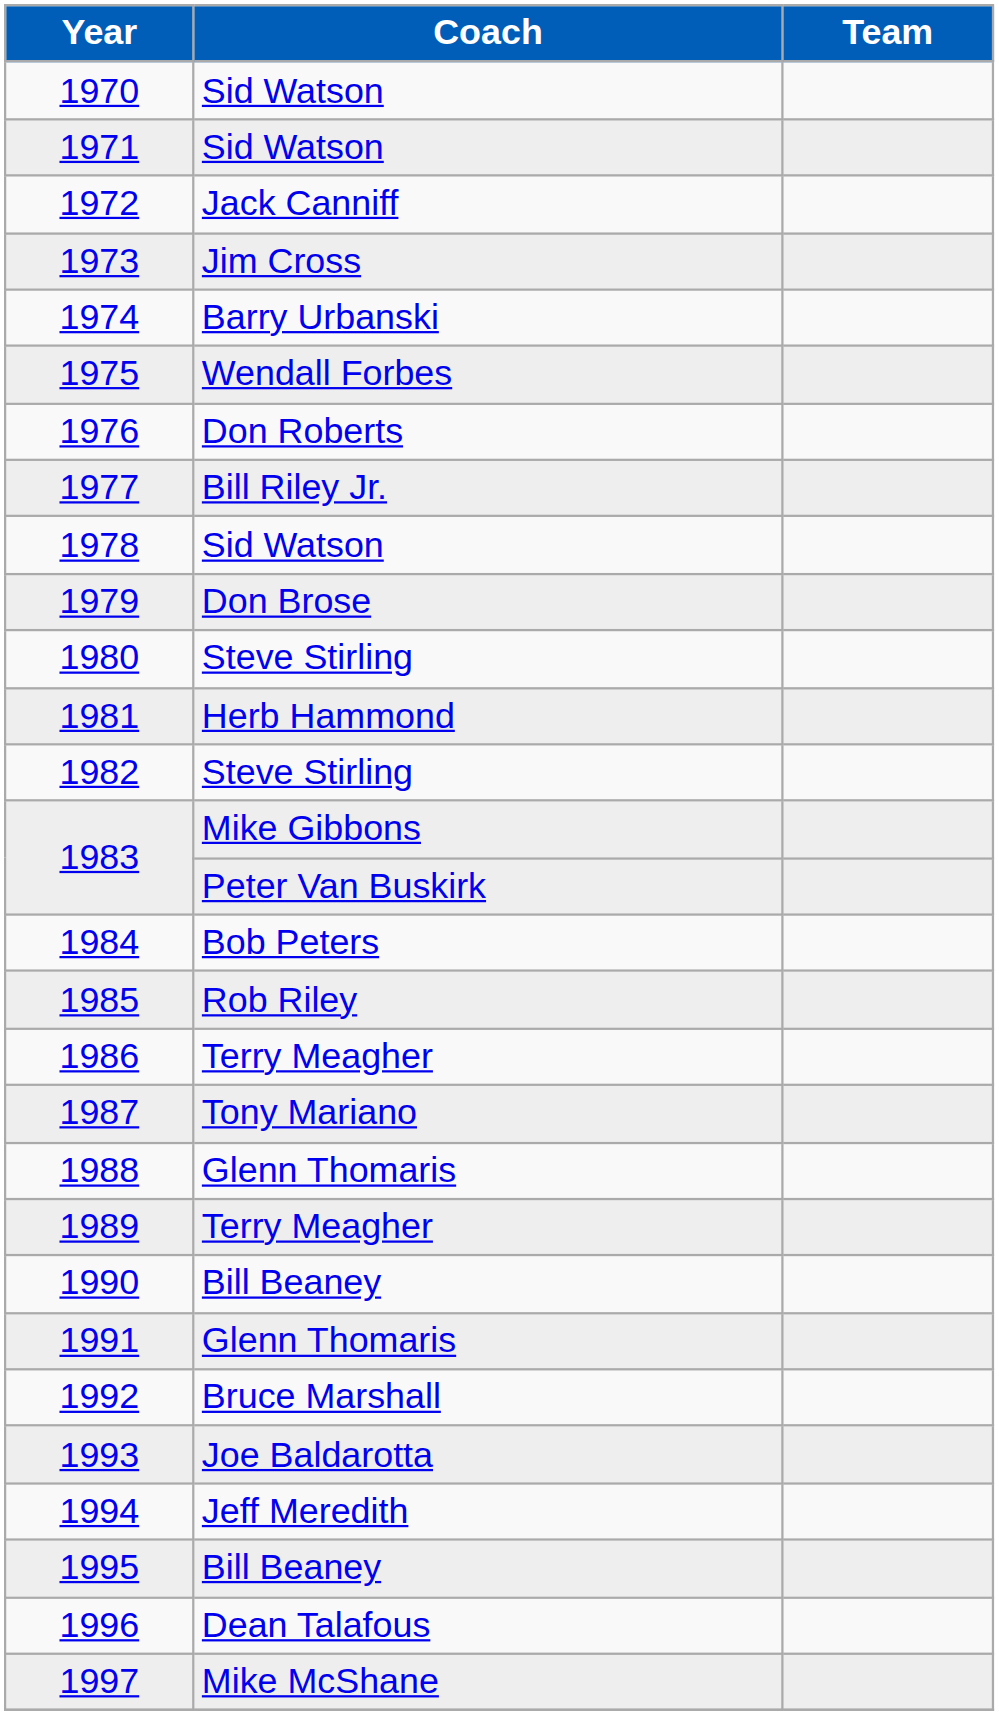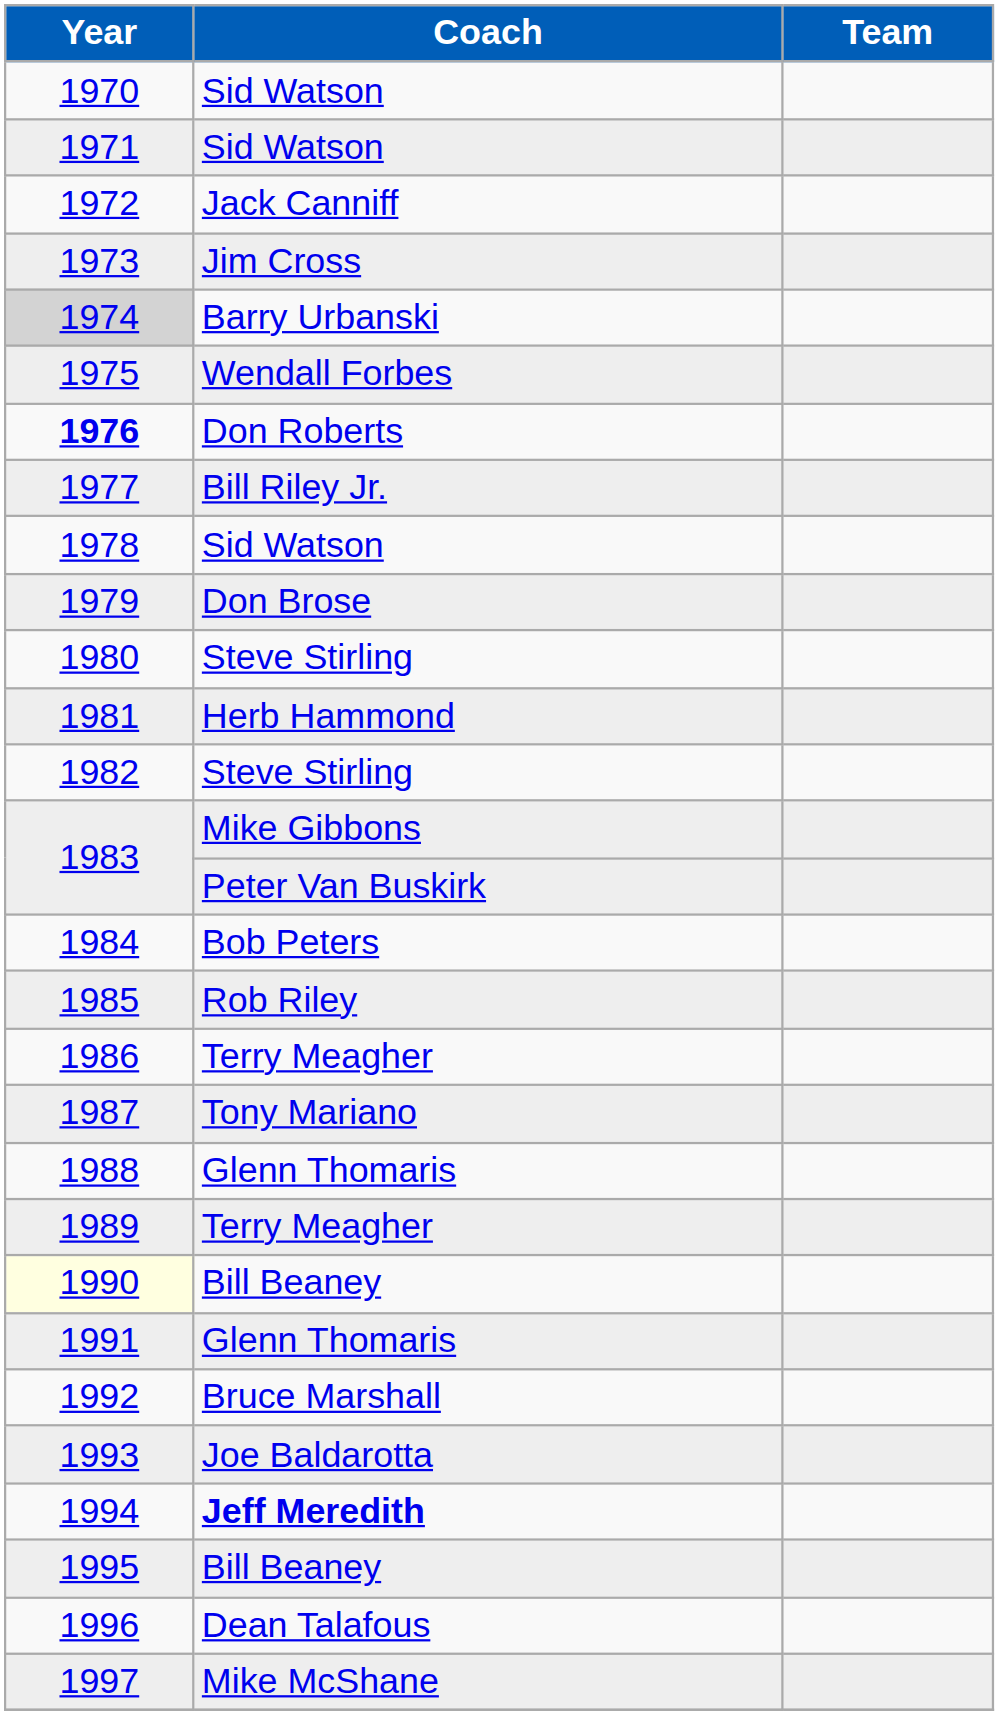 <table class="wikitable sortable" width=50%>
 <tr>
 <th style="color:white; background:#005EB8;">Year</th>
 <th style="color:white; background:#005EB8;">Coach</th>
 <th style="color:white; background:#005EB8;">Team</th>
 </tr>
 <tr>
 <td align="center"><a href='#'>1970</a></td>
 <td><a href='#'>Sid Watson</a></td>
 <td><strong><a href='#'></a></strong></td>
 </tr>
 <tr bgcolor=eeeeee>
 <td align="center"><a href='#'>1971</a></td>
 <td><a href='#'>Sid Watson</a></td>
 <td><strong><a href='#'></a></strong></td>
 </tr>
 <tr>
 <td align="center"><a href='#'>1972</a></td>
 <td><a href='#'>Jack Canniff</a></td>
 <td><strong><a href='#'></a></strong></td>
 </tr>
 <tr bgcolor=eeeeee>
 <td align="center"><a href='#'>1973</a></td>
 <td><a href='#'>Jim Cross</a></td>
 <td><strong><a href='#'></a></strong></td>
 </tr>
 <tr>
-<td align="center"><a href='#'>1974</a></td>
+<td align="center" style="background: lightgrey;"><a href='#'>1974</a></td>
 <td><a href='#'>Barry Urbanski</a></td>
 <td><strong><a href='#'></a></strong></td>
 </tr>
 <tr bgcolor=eeeeee>
 <td align="center"><a href='#'>1975</a></td>
 <td><a href='#'>Wendall Forbes</a></td>
 <td><strong><a href='#'></a></strong></td>
 </tr>
 <tr>
-<td align="center"><a href='#'>1976</a></td>
+<td align="center"><strong><a href='#'>1976</a></strong></td>
 <td><a href='#'>Don Roberts</a></td>
 <td><strong><a href='#'></a></strong></td>
 </tr>
 <tr bgcolor=eeeeee>
 <td align="center"><a href='#'>1977</a></td>
 <td><a href='#'>Bill Riley Jr.</a></td>
 <td><strong><a href='#'></a></strong></td>
 </tr>
 <tr>
 <td align="center"><a href='#'>1978</a></td>
 <td><a href='#'>Sid Watson</a></td>
 <td><strong><a href='#'></a></strong></td>
 </tr>
 <tr bgcolor=eeeeee>
 <td align="center"><a href='#'>1979</a></td>
 <td><a href='#'>Don Brose</a></td>
 <td><strong><a href='#'></a></strong></td>
 </tr>
 <tr>
 <td align="center"><a href='#'>1980</a></td>
 <td><a href='#'>Steve Stirling</a></td>
 <td><strong><a href='#'></a></strong></td>
 </tr>
 <tr bgcolor=eeeeee>
 <td align="center"><a href='#'>1981</a></td>
 <td><a href='#'>Herb Hammond</a></td>
 <td><strong><a href='#'></a></strong></td>
 </tr>
 <tr>
 <td align="center"><a href='#'>1982</a></td>
 <td><a href='#'>Steve Stirling</a></td>
 <td><strong><a href='#'></a></strong></td>
 </tr>
 <tr bgcolor=eeeeee>
 <td align="center" rowspan = 2><a href='#'>1983</a></td>
 <td><a href='#'>Mike Gibbons</a></td>
 <td><strong><a href='#'></a></strong></td>
 </tr>
 <tr bgcolor=eeeeee>
 <td><a href='#'>Peter Van Buskirk</a></td>
 <td><strong><a href='#'></a></strong></td>
 </tr>
 <tr>
 <td align="center"><a href='#'>1984</a></td>
 <td><a href='#'>Bob Peters</a></td>
 <td><strong><a href='#'></a></strong></td>
 </tr>
 <tr bgcolor=eeeeee>
 <td align="center"><a href='#'>1985</a></td>
 <td><a href='#'>Rob Riley</a></td>
 <td><strong><a href='#'></a></strong></td>
 </tr>
 <tr>
 <td align="center"><a href='#'>1986</a></td>
 <td><a href='#'>Terry Meagher</a></td>
 <td><strong><a href='#'></a></strong></td>
 </tr>
 <tr bgcolor=eeeeee>
 <td align="center"><a href='#'>1987</a></td>
 <td><a href='#'>Tony Mariano</a></td>
 <td><strong><a href='#'></a></strong></td>
 </tr>
 <tr>
 <td align="center"><a href='#'>1988</a></td>
 <td><a href='#'>Glenn Thomaris</a></td>
 <td><strong><a href='#'></a></strong></td>
 </tr>
 <tr bgcolor=eeeeee>
 <td align="center"><a href='#'>1989</a></td>
 <td><a href='#'>Terry Meagher</a></td>
 <td><strong><a href='#'></a></strong></td>
 </tr>
 <tr>
-<td align="center"><a href='#'>1990</a></td>
+<td align="center" style="background: lightyellow;"><a href='#'>1990</a></td>
 <td><a href='#'>Bill Beaney</a></td>
 <td><strong><a href='#'></a></strong></td>
 </tr>
 <tr bgcolor=eeeeee>
 <td align="center"><a href='#'>1991</a></td>
 <td><a href='#'>Glenn Thomaris</a></td>
 <td><strong><a href='#'></a></strong></td>
 </tr>
 <tr>
 <td align="center"><a href='#'>1992</a></td>
 <td><a href='#'>Bruce Marshall</a></td>
 <td><strong><a href='#'></a></strong></td>
 </tr>
 <tr bgcolor=eeeeee>
 <td align="center"><a href='#'>1993</a></td>
 <td><a href='#'>Joe Baldarotta</a></td>
 <td><strong><a href='#'></a></strong></td>
 </tr>
 <tr>
 <td align="center"><a href='#'>1994</a></td>
-<td><a href='#'>Jeff Meredith</a></td>
+<td><strong><a href='#'>Jeff Meredith</a></strong></td>
 <td><strong><a href='#'></a></strong></td>
 </tr>
 <tr bgcolor=eeeeee>
 <td align="center"><a href='#'>1995</a></td>
 <td><a href='#'>Bill Beaney</a></td>
 <td><strong><a href='#'></a></strong></td>
 </tr>
 <tr>
 <td align="center"><a href='#'>1996</a></td>
 <td><a href='#'>Dean Talafous</a></td>
 <td><strong><a href='#'></a></strong></td>
 </tr>
 <tr bgcolor=eeeeee>
 <td align="center"><a href='#'>1997</a></td>
 <td><a href='#'>Mike McShane</a></td>
 <td><strong><a href='#'></a></strong></td>
 </tr>
 <tr>
 </tr>
 </table>
